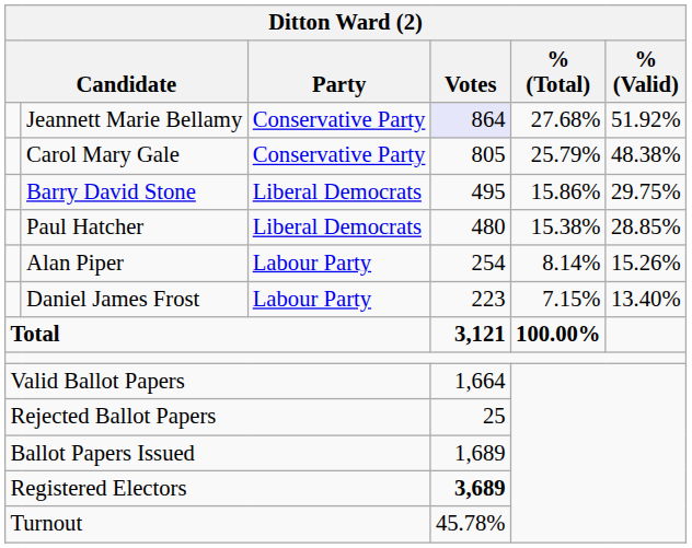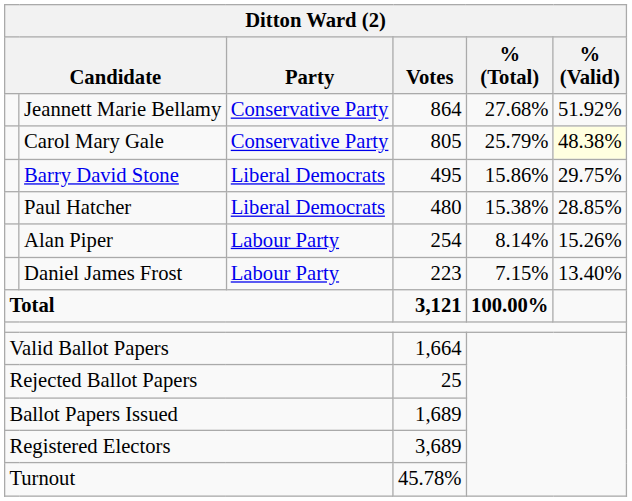 <table class="wikitable" border="1" style="text-align:right; font-size:100%">
 <tr>
 <th align=center colspan=6>Ditton Ward (2)</th>
 </tr>
 <tr>
 <th valign=bottom align=left colspan=2>Candidate</th>
 <th valign=bottom align=left>Party</th>
 <th valign=bottom align=center>Votes</th>
 <th align=center>%<br>(Total)</th>
 <th align=center>%<br>(Valid)</th>
 </tr>
 <tr>
 <td bgcolor=> </td>
 <td align=left>Jeannett Marie Bellamy</td>
 <td align=left><a href='#'>Conservative Party</a></td>
-<td style="background: lavender;">864</td>
+<td>864</td>
 <td>27.68%</td>
 <td>51.92%</td>
 </tr>
 <tr>
 <td bgcolor=> </td>
 <td align=left>Carol Mary Gale</td>
 <td align=left><a href='#'>Conservative Party</a></td>
 <td>805</td>
 <td>25.79%</td>
-<td>48.38%</td>
+<td style="background: lightyellow;">48.38%</td>
 </tr>
 <tr>
 <td bgcolor=> </td>
 <td align=left><a href='#'>Barry David Stone</a></td>
 <td align=left><a href='#'>Liberal Democrats</a></td>
 <td>495</td>
 <td>15.86%</td>
 <td>29.75%</td>
 </tr>
 <tr>
 <td bgcolor=> </td>
 <td align=left>Paul Hatcher</td>
 <td align=left><a href='#'>Liberal Democrats</a></td>
 <td>480</td>
 <td>15.38%</td>
 <td>28.85%</td>
 </tr>
 <tr>
 <td bgcolor=> </td>
 <td align=left>Alan Piper</td>
 <td align=left><a href='#'>Labour Party</a></td>
 <td>254</td>
 <td>8.14%</td>
 <td>15.26%</td>
 </tr>
 <tr>
 <td bgcolor=> </td>
 <td align=left>Daniel James Frost</td>
 <td align=left><a href='#'>Labour Party</a></td>
 <td>223</td>
 <td>7.15%</td>
 <td>13.40%</td>
 </tr>
 <tr>
 <td align=left colspan=3><strong>Total</strong></td>
 <td><strong>3,121</strong></td>
 <td><strong>100.00%</strong></td>
 <td></td>
 </tr>
 <tr>
 <td align=left colspan=6></td>
 </tr>
 <tr>
 <td align=left colspan=3>Valid Ballot Papers</td>
 <td>1,664</td>
 <td colspan=2 rowspan=5></td>
 </tr>
 <tr>
 <td align=left colspan=3>Rejected Ballot Papers</td>
 <td>25</td>
 </tr>
 <tr>
 <td align=left colspan=3>Ballot Papers Issued</td>
 <td>1,689</td>
 </tr>
 <tr>
 <td align=left colspan=3>Registered Electors</td>
-<td><strong>3,689</strong></td>
+<td>3,689</td>
 </tr>
 <tr>
 <td align=left colspan=3>Turnout</td>
 <td>45.78%</td>
 </tr>
 </table>
